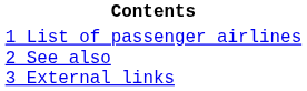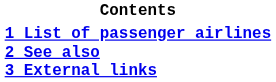 <table class=toc>
 <tr>
 <th>Contents</th>
 </tr>
 <tr>
-<td><a href='#'>1 List of passenger airlines</a><br><a href='#'>2 See also</a><br><a href='#'>3 External links</a></td>
+<td><strong><a href='#'>1 List of passenger airlines</a><br><a href='#'>2 See also</a><br><a href='#'>3 External links</a></strong></td>
 </tr>
 </table>
